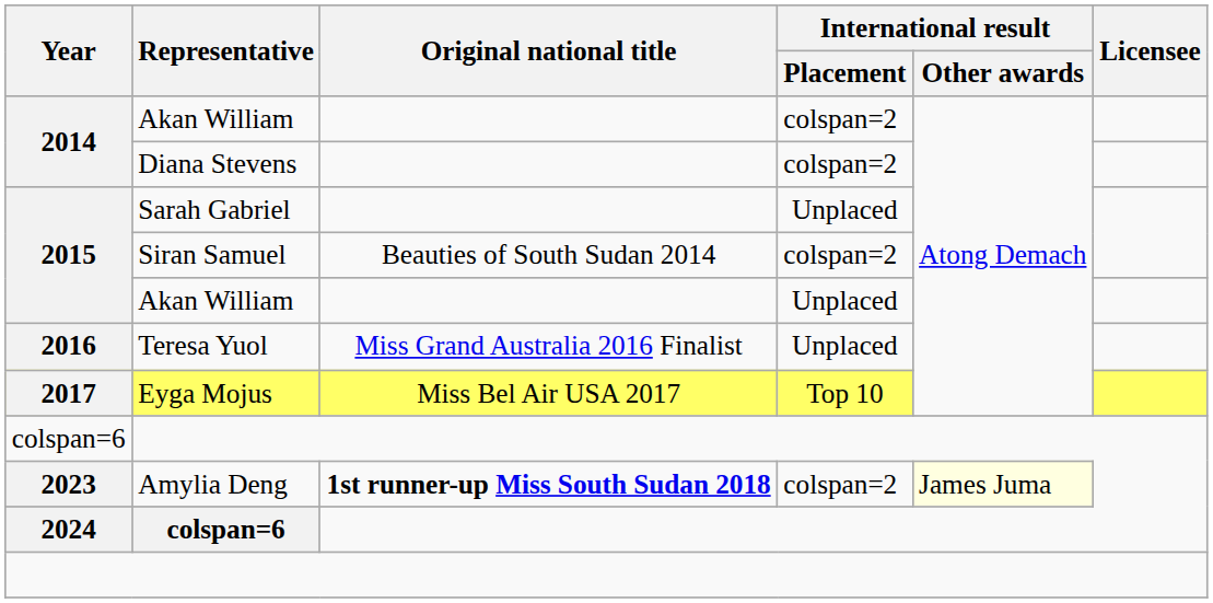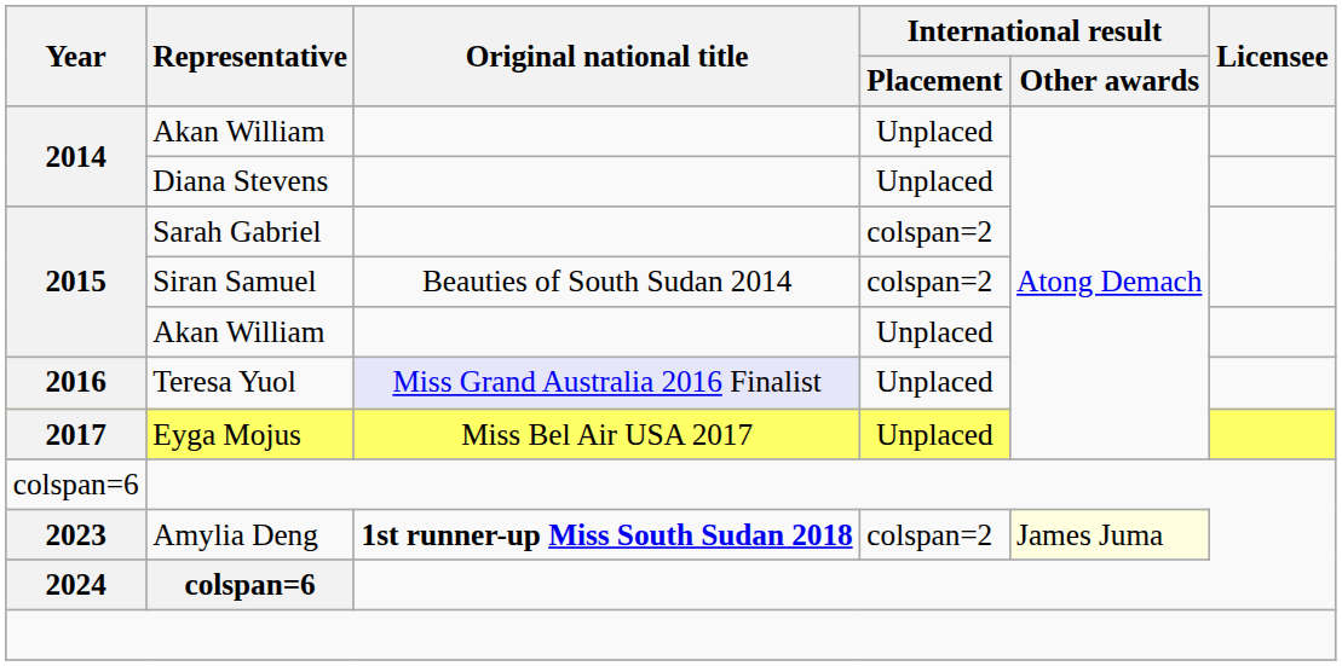 <table class="wikitable" style="font-size:95%;">
 <tr>
 <th rowspan=2>Year</th>
 <th rowspan=2>Representative</th>
 <th rowspan=2>Original national title</th>
 <th colspan=2>International result</th>
 <th rowspan=2>Licensee</th>
 </tr>
 <tr>
 <th>Placement</th>
 <th>Other awards</th>
 </tr>
 <tr>
 <th rowspan=2>2014</th>
 <td>Akan William</td>
 <td align=center></td>
-<td>colspan=2 </td>
+<td align=center>Unplaced</td>
 <td rowspan=7><a href='#'>Atong Demach</a></td>
 </tr>
 <tr>
 <td>Diana Stevens</td>
 <td></td>
-<td>colspan=2 </td>
+<td align=center>Unplaced</td>
 <td></td>
 </tr>
 <tr>
 <th rowspan=3>2015</th>
 <td>Sarah Gabriel</td>
 <td></td>
-<td align=center>Unplaced</td>
+<td>colspan=2 </td>
 </tr>
 <tr>
 <td>Siran Samuel</td>
 <td align=center>Beauties of South Sudan 2014</td>
 <td>colspan=2 </td>
 </tr>
 <tr>
 <td>Akan William</td>
 <td align=center></td>
 <td align=center>Unplaced</td>
 <td></td>
 </tr>
 <tr>
 <th>2016</th>
 <td>Teresa Yuol</td>
-<td align=center><a href='#'>Miss Grand Australia 2016</a> Finalist</td>
+<td align=center style="background: lavender;"><a href='#'>Miss Grand Australia 2016</a> Finalist</td>
 <td align=center>Unplaced</td>
 <td></td>
 </tr>
 <tr bgcolor=#FFFF66>
 <th>2017</th>
 <td>Eyga Mojus</td>
 <td align=center>Miss Bel Air USA 2017</td>
-<td align=center>Top 10</td>
+<td align=center>Unplaced</td>
 <td></td>
 </tr>
 <tr>
 <td>colspan=6 </td>
 </tr>
 <tr>
 <th>2023</th>
 <td>Amylia Deng</td>
 <td><strong>1st runner-up <a href='#'>Miss South Sudan 2018</a></strong></td>
 <td>colspan=2 </td>
 <td style="background: lightyellow;">James Juma</td>
 </tr>
 <tr>
 <th>2024</th>
 <th>colspan=6 </th>
 </tr>
 <tr>
 <td colspan="6"><br></td>
 </tr>
 </table>
